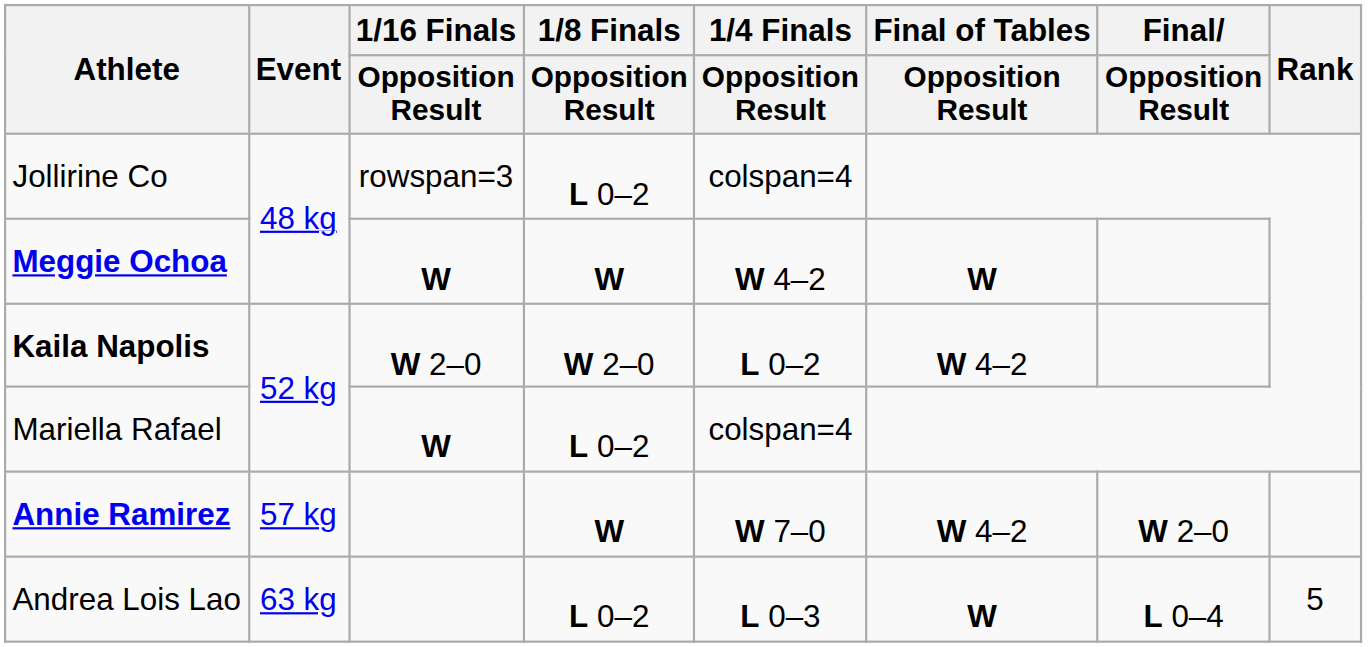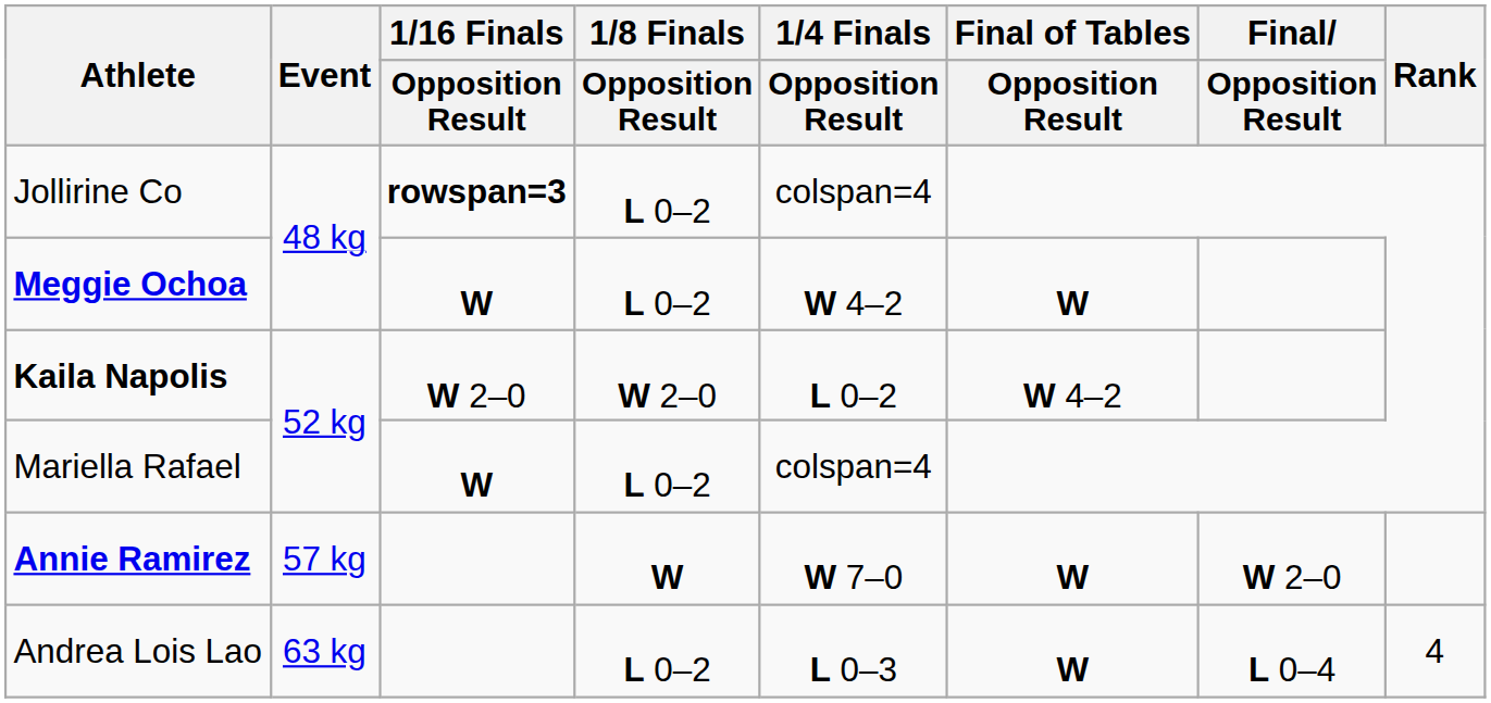 <table class=wikitable style="text-align:center; font-size:90%">
 <tr>
 <th rowspan=2>Athlete</th>
 <th rowspan=2>Event</th>
 <th>1/16 Finals</th>
 <th>1/8 Finals</th>
 <th>1/4 Finals</th>
 <th>Final of Tables</th>
 <th>Final/</th>
 <th rowspan=2>Rank</th>
 </tr>
 <tr style="font-size:95%">
 <th>Opposition<br>Result</th>
 <th>Opposition<br>Result</th>
 <th>Opposition<br>Result</th>
 <th>Opposition<br>Result</th>
 <th>Opposition<br>Result</th>
 </tr>
 <tr>
 <td align=left>Jollirine Co</td>
 <td rowspan=2><a href='#'>48 kg</a></td>
-<td>rowspan=3 </td>
+<td><strong>rowspan=3 </strong></td>
 <td><br><strong>L</strong> 0–2</td>
 <td>colspan=4 </td>
 </tr>
 <tr>
 <td align=left><strong><a href='#'>Meggie Ochoa</a></strong></td>
 <td><br><strong>W</strong> </td>
-<td><br><strong>W</strong> </td>
+<td><br><strong>L</strong> 0–2</td>
 <td><br><strong>W</strong> 4–2</td>
 <td><br><strong>W</strong> </td>
 <td></td>
 </tr>
 <tr>
 <td align=left><strong>Kaila Napolis</strong></td>
 <td rowspan=2><a href='#'>52 kg</a></td>
 <td><br><strong>W</strong> 2–0</td>
 <td><br><strong>W</strong> 2–0</td>
 <td><br><strong>L</strong> 0–2</td>
 <td><br><strong>W</strong> 4–2</td>
 <td></td>
 </tr>
 <tr>
 <td align=left>Mariella Rafael</td>
 <td><br><strong>W</strong> </td>
 <td><br><strong>L</strong> 0–2</td>
 <td>colspan=4 </td>
 </tr>
 <tr>
 <td align=left><strong><a href='#'>Annie Ramirez</a></strong></td>
 <td><a href='#'>57 kg</a></td>
 <td></td>
 <td><br><strong>W</strong> </td>
 <td><br><strong>W</strong> 7–0</td>
-<td><br><strong>W</strong> 4–2</td>
+<td><br><strong>W</strong> </td>
 <td><br><strong>W</strong> 2–0</td>
 <td></td>
 </tr>
 <tr>
 <td align=left>Andrea Lois Lao</td>
 <td><a href='#'>63 kg</a></td>
 <td></td>
 <td><br><strong>L</strong> 0–2</td>
 <td><br><strong>L</strong> 0–3</td>
 <td><br><strong>W</strong> </td>
 <td><br><strong>L</strong> 0–4</td>
-<td>5</td>
+<td>4</td>
 </tr>
 </table>
